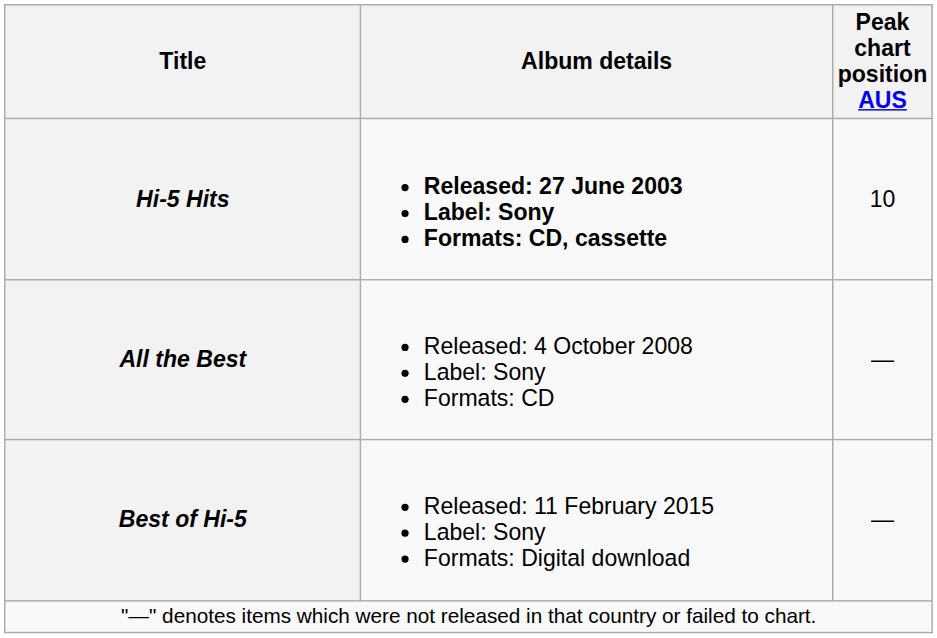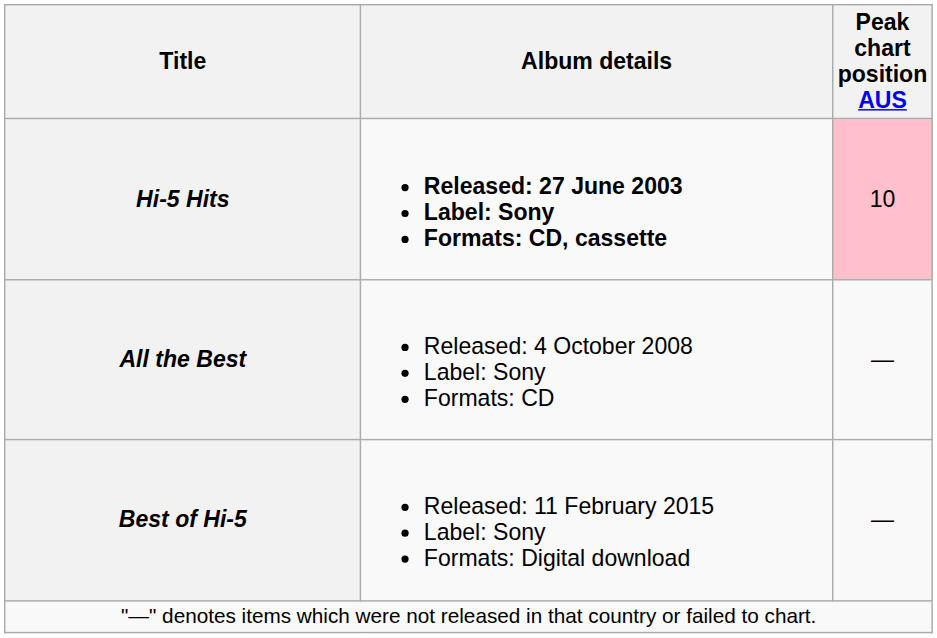 <table class="wikitable plainrowheaders">
 <tr>
 <th scope="col" style="width:15em;">Title</th>
 <th scope="col" style="width:20em;">Album details</th>
 <th scope="col" style="width:33px;">Peak chart position<br><a href='#'>AUS</a><br></th>
 </tr>
 <tr>
 <th scope="row"><em>Hi-5 Hits</em></th>
 <td><strong><br><ul><li>Released: 27 June 2003</li><li>Label: Sony</li><li>Formats: CD, cassette</li></ul></strong></td>
-<td style="text-align:center;">10</td>
+<td style="background: pink; text-align:center;">10</td>
 </tr>
 <tr>
 <th scope="row"><em>All the Best</em></th>
 <td><br><ul><li>Released: 4 October 2008</li><li>Label: Sony</li><li>Formats: CD</li></ul></td>
 <td style="text-align:center;">—</td>
 </tr>
 <tr>
 <th scope="row"><em>Best of Hi-5</em></th>
 <td><br><ul><li>Released: 11 February 2015</li><li>Label: Sony</li><li>Formats: Digital download</li></ul></td>
 <td style="text-align:center;">—</td>
 </tr>
 <tr>
 <td colspan="6" style="text-align:center; font-size:90%">"—" denotes items which were not released in that country or failed to chart.</td>
 </tr>
 </table>
